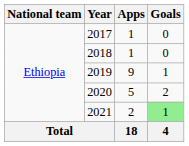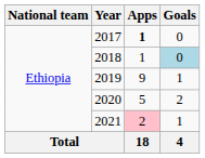 <table class="wikitable" style="text-align:center">
 <tr>
 <th>National team</th>
 <th>Year</th>
 <th>Apps</th>
 <th>Goals</th>
 </tr>
 <tr>
 <td rowspan="5"><a href='#'>Ethiopia</a></td>
 <td>2017</td>
-<td>1</td>
+<td><strong>1</strong></td>
 <td>0</td>
 </tr>
 <tr>
 <td>2018</td>
 <td>1</td>
-<td>0</td>
+<td style="background: lightblue;">0</td>
 </tr>
 <tr>
 <td>2019</td>
 <td>9</td>
 <td>1</td>
 </tr>
 <tr>
 <td>2020</td>
 <td>5</td>
 <td>2</td>
 </tr>
 <tr>
 <td>2021</td>
-<td>2</td>
-<td style="background: lightgreen;">1</td>
+<td style="background: pink;">2</td>
+<td>1</td>
 </tr>
 <tr>
 <th colspan="2">Total</th>
 <th>18</th>
 <th>4</th>
 </tr>
 </table>
